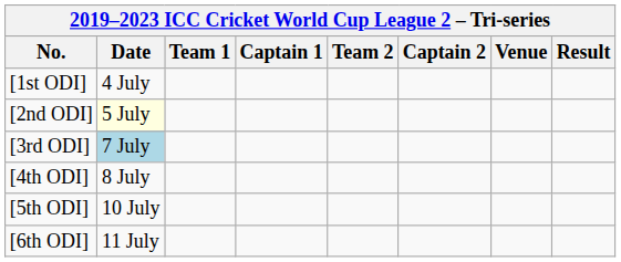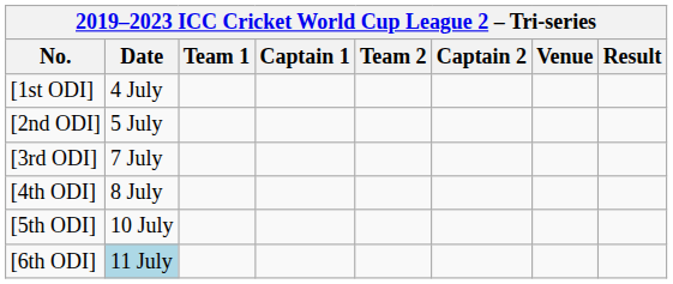 <table class="wikitable">
 <tr>
 <th colspan="9"><a href='#'>2019–2023 ICC Cricket World Cup League 2</a> – Tri-series</th>
 </tr>
 <tr>
 <th>No.</th>
 <th>Date</th>
 <th>Team 1</th>
 <th>Captain 1</th>
 <th>Team 2</th>
 <th>Captain 2</th>
 <th>Venue</th>
 <th>Result</th>
 </tr>
 <tr>
 <td>[1st ODI]</td>
 <td>4 July</td>
 <td></td>
 <td></td>
 <td></td>
 <td></td>
 <td></td>
 <td></td>
 </tr>
 <tr>
 <td>[2nd ODI]</td>
-<td style="background: lightyellow;">5 July</td>
+<td>5 July</td>
 <td></td>
 <td></td>
 <td></td>
 <td></td>
 <td></td>
 <td></td>
 </tr>
 <tr>
 <td>[3rd ODI]</td>
-<td style="background: lightblue;">7 July</td>
+<td>7 July</td>
 <td></td>
 <td></td>
 <td></td>
 <td></td>
 <td></td>
 <td></td>
 </tr>
 <tr>
 <td>[4th ODI]</td>
 <td>8 July</td>
 <td></td>
 <td></td>
 <td></td>
 <td></td>
 <td></td>
 <td></td>
 </tr>
 <tr>
 <td>[5th ODI]</td>
 <td>10 July</td>
 <td></td>
 <td></td>
 <td></td>
 <td></td>
 <td></td>
 <td></td>
 </tr>
 <tr>
 <td>[6th ODI]</td>
-<td>11 July</td>
+<td style="background: lightblue;">11 July</td>
 <td></td>
 <td></td>
 <td></td>
 <td></td>
 <td></td>
 <td></td>
 </tr>
 </table>
